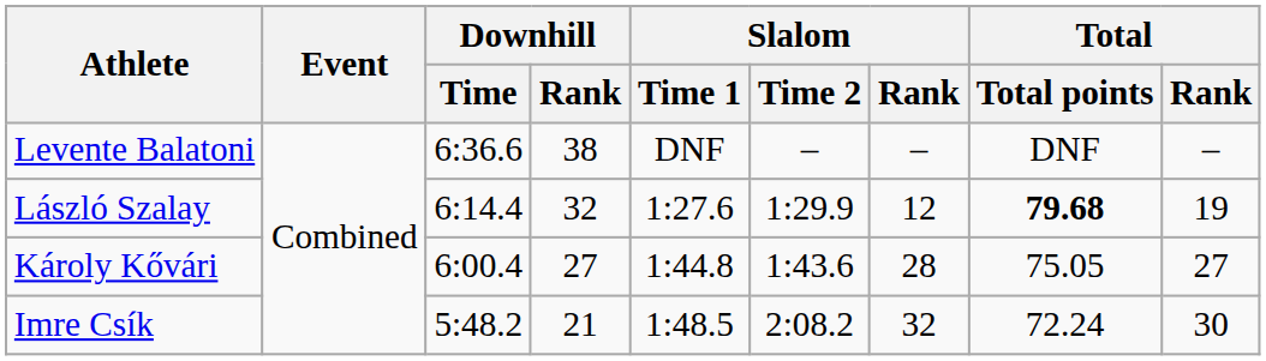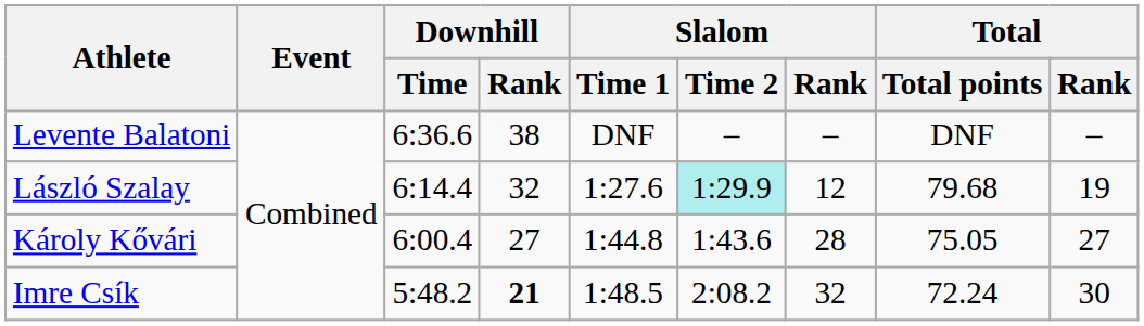 <table class="wikitable" style="font-size:90%">
 <tr>
 <th rowspan="2">Athlete</th>
 <th rowspan="2">Event</th>
 <th colspan="2">Downhill</th>
 <th colspan="3">Slalom</th>
 <th colspan="2">Total</th>
 </tr>
 <tr>
 <th>Time</th>
 <th>Rank</th>
 <th>Time 1</th>
 <th>Time 2</th>
 <th>Rank</th>
 <th>Total points</th>
 <th>Rank</th>
 </tr>
 <tr>
 <td><a href='#'>Levente Balatoni</a></td>
 <td rowspan="4">Combined</td>
 <td align="center">6:36.6</td>
 <td align="center">38</td>
 <td align="center">DNF</td>
 <td align="center">–</td>
 <td align="center">–</td>
 <td align="center">DNF</td>
 <td align="center">–</td>
 </tr>
 <tr>
 <td><a href='#'>László Szalay</a></td>
 <td align="center">6:14.4</td>
 <td align="center">32</td>
 <td align="center">1:27.6</td>
-<td align="center">1:29.9</td>
+<td align="center" style="background: paleturquoise;">1:29.9</td>
 <td align="center">12</td>
-<td align="center"><strong>79.68</strong></td>
+<td align="center">79.68</td>
 <td align="center">19</td>
 </tr>
 <tr>
 <td><a href='#'>Károly Kővári</a></td>
 <td align="center">6:00.4</td>
 <td align="center">27</td>
 <td align="center">1:44.8</td>
 <td align="center">1:43.6</td>
 <td align="center">28</td>
 <td align="center">75.05</td>
 <td align="center">27</td>
 </tr>
 <tr>
 <td><a href='#'>Imre Csík</a></td>
 <td align="center">5:48.2</td>
-<td align="center">21</td>
+<td align="center"><strong>21</strong></td>
 <td align="center">1:48.5</td>
 <td align="center">2:08.2</td>
 <td align="center">32</td>
 <td align="center">72.24</td>
 <td align="center">30</td>
 </tr>
 </table>
